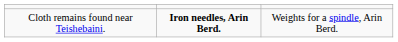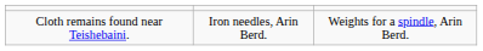 <table class="wikitable" style="text-align:center">
 <tr>
 <td></td>
 <td></td>
 <td></td>
 </tr>
 <tr>
 <td>Cloth remains found near <a href='#'>Teishebaini</a>.</td>
-<td><strong>Iron needles, Arin Berd.</strong></td>
+<td>Iron needles, Arin Berd.</td>
 <td>Weights for a <a href='#'>spindle</a>, Arin Berd.</td>
 </tr>
 </table>
